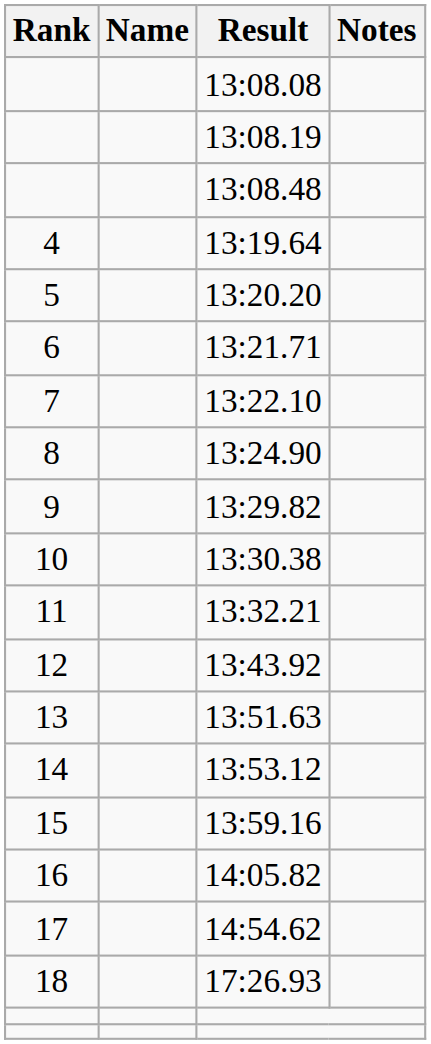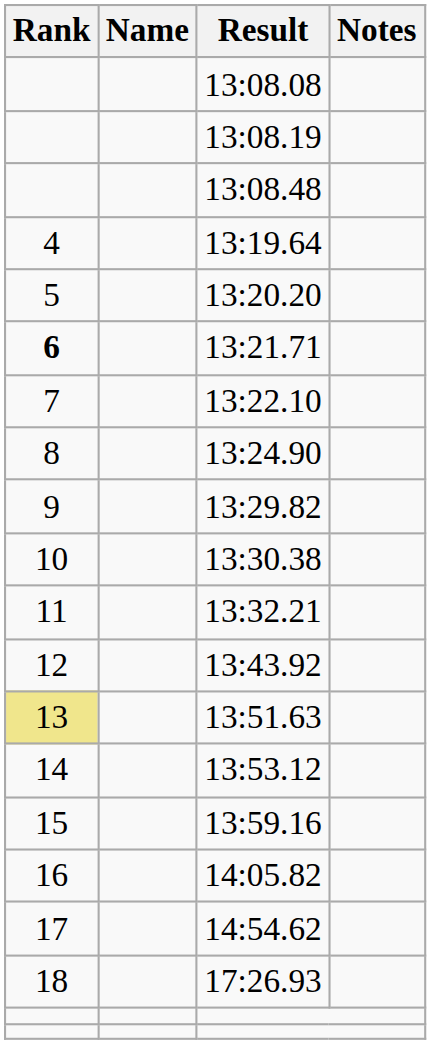 <table class="wikitable sortable" style="text-align:center">
 <tr>
 <th>Rank</th>
 <th>Name</th>
 <th>Result</th>
 <th>Notes</th>
 </tr>
 <tr>
 <td></td>
 <td align="left"></td>
 <td>13:08.08</td>
 <td></td>
 </tr>
 <tr>
 <td></td>
 <td align="left"></td>
 <td>13:08.19</td>
 <td></td>
 </tr>
 <tr>
 <td></td>
 <td align="left"></td>
 <td>13:08.48</td>
 <td></td>
 </tr>
 <tr>
 <td>4</td>
 <td align="left"></td>
 <td>13:19.64</td>
 <td></td>
 </tr>
 <tr>
 <td>5</td>
 <td align="left"></td>
 <td>13:20.20</td>
 <td></td>
 </tr>
 <tr>
-<td>6</td>
+<td><strong>6</strong></td>
 <td align="left"></td>
 <td>13:21.71</td>
 <td></td>
 </tr>
 <tr>
 <td>7</td>
 <td align="left"></td>
 <td>13:22.10</td>
 <td></td>
 </tr>
 <tr>
 <td>8</td>
 <td align="left"></td>
 <td>13:24.90</td>
 <td></td>
 </tr>
 <tr>
 <td>9</td>
 <td align="left"></td>
 <td>13:29.82</td>
 <td></td>
 </tr>
 <tr>
 <td>10</td>
 <td align="left"></td>
 <td>13:30.38</td>
 <td></td>
 </tr>
 <tr>
 <td>11</td>
 <td align="left"></td>
 <td>13:32.21</td>
 <td></td>
 </tr>
 <tr>
 <td>12</td>
 <td align="left"></td>
 <td>13:43.92</td>
 <td></td>
 </tr>
 <tr>
-<td>13</td>
+<td style="background: khaki;">13</td>
 <td align="left"></td>
 <td>13:51.63</td>
 <td></td>
 </tr>
 <tr>
 <td>14</td>
 <td align="left"></td>
 <td>13:53.12</td>
 <td></td>
 </tr>
 <tr>
 <td>15</td>
 <td align="left"></td>
 <td>13:59.16</td>
 <td></td>
 </tr>
 <tr>
 <td>16</td>
 <td align="left"></td>
 <td>14:05.82</td>
 <td></td>
 </tr>
 <tr>
 <td>17</td>
 <td align="left"></td>
 <td>14:54.62</td>
 <td></td>
 </tr>
 <tr>
 <td>18</td>
 <td align="left"></td>
 <td>17:26.93</td>
 <td></td>
 </tr>
 <tr>
 <td></td>
 <td align="left"></td>
 <td colspan=2></td>
 </tr>
 <tr>
 <td></td>
 <td align="left"></td>
 <td colspan=2></td>
 </tr>
 </table>
